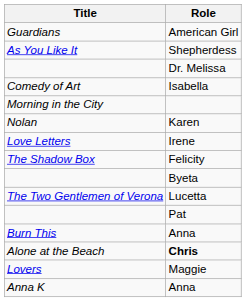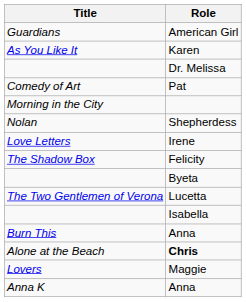 <table class="wikitable sortable">
 <tr>
 <th>Title</th>
 <th>Role</th>
 </tr>
 <tr>
 <td><em>Guardians</em></td>
 <td>American Girl</td>
 </tr>
 <tr>
 <td><em><a href='#'>As You Like It</a></em></td>
-<td>Shepherdess</td>
+<td>Karen</td>
 </tr>
 <tr>
 <td><em></em></td>
 <td>Dr. Melissa</td>
 </tr>
 <tr>
 <td><em>Comedy of Art</em></td>
-<td>Isabella</td>
+<td>Pat</td>
 </tr>
 <tr>
 <td><em>Morning in the City</em></td>
 <td></td>
 </tr>
 <tr>
 <td><em>Nolan</em></td>
-<td>Karen</td>
+<td>Shepherdess</td>
 </tr>
 <tr>
 <td><em><a href='#'>Love Letters</a></em></td>
 <td>Irene</td>
 </tr>
 <tr>
 <td><em><a href='#'>The Shadow Box</a></em></td>
 <td>Felicity</td>
 </tr>
 <tr>
 <td><em></em></td>
 <td>Byeta</td>
 </tr>
 <tr>
 <td><em><a href='#'>The Two Gentlemen of Verona</a></em></td>
 <td>Lucetta</td>
 </tr>
 <tr>
 <td><em></em></td>
-<td>Pat</td>
+<td>Isabella</td>
 </tr>
 <tr>
 <td><em><a href='#'>Burn This</a></em></td>
 <td>Anna</td>
 </tr>
 <tr>
 <td><em>Alone at the Beach</em></td>
 <td><strong>Chris</strong></td>
 </tr>
 <tr>
 <td><em><a href='#'>Lovers</a></em></td>
 <td>Maggie</td>
 </tr>
 <tr>
 <td><em>Anna K</em></td>
 <td>Anna</td>
 </tr>
 </table>
